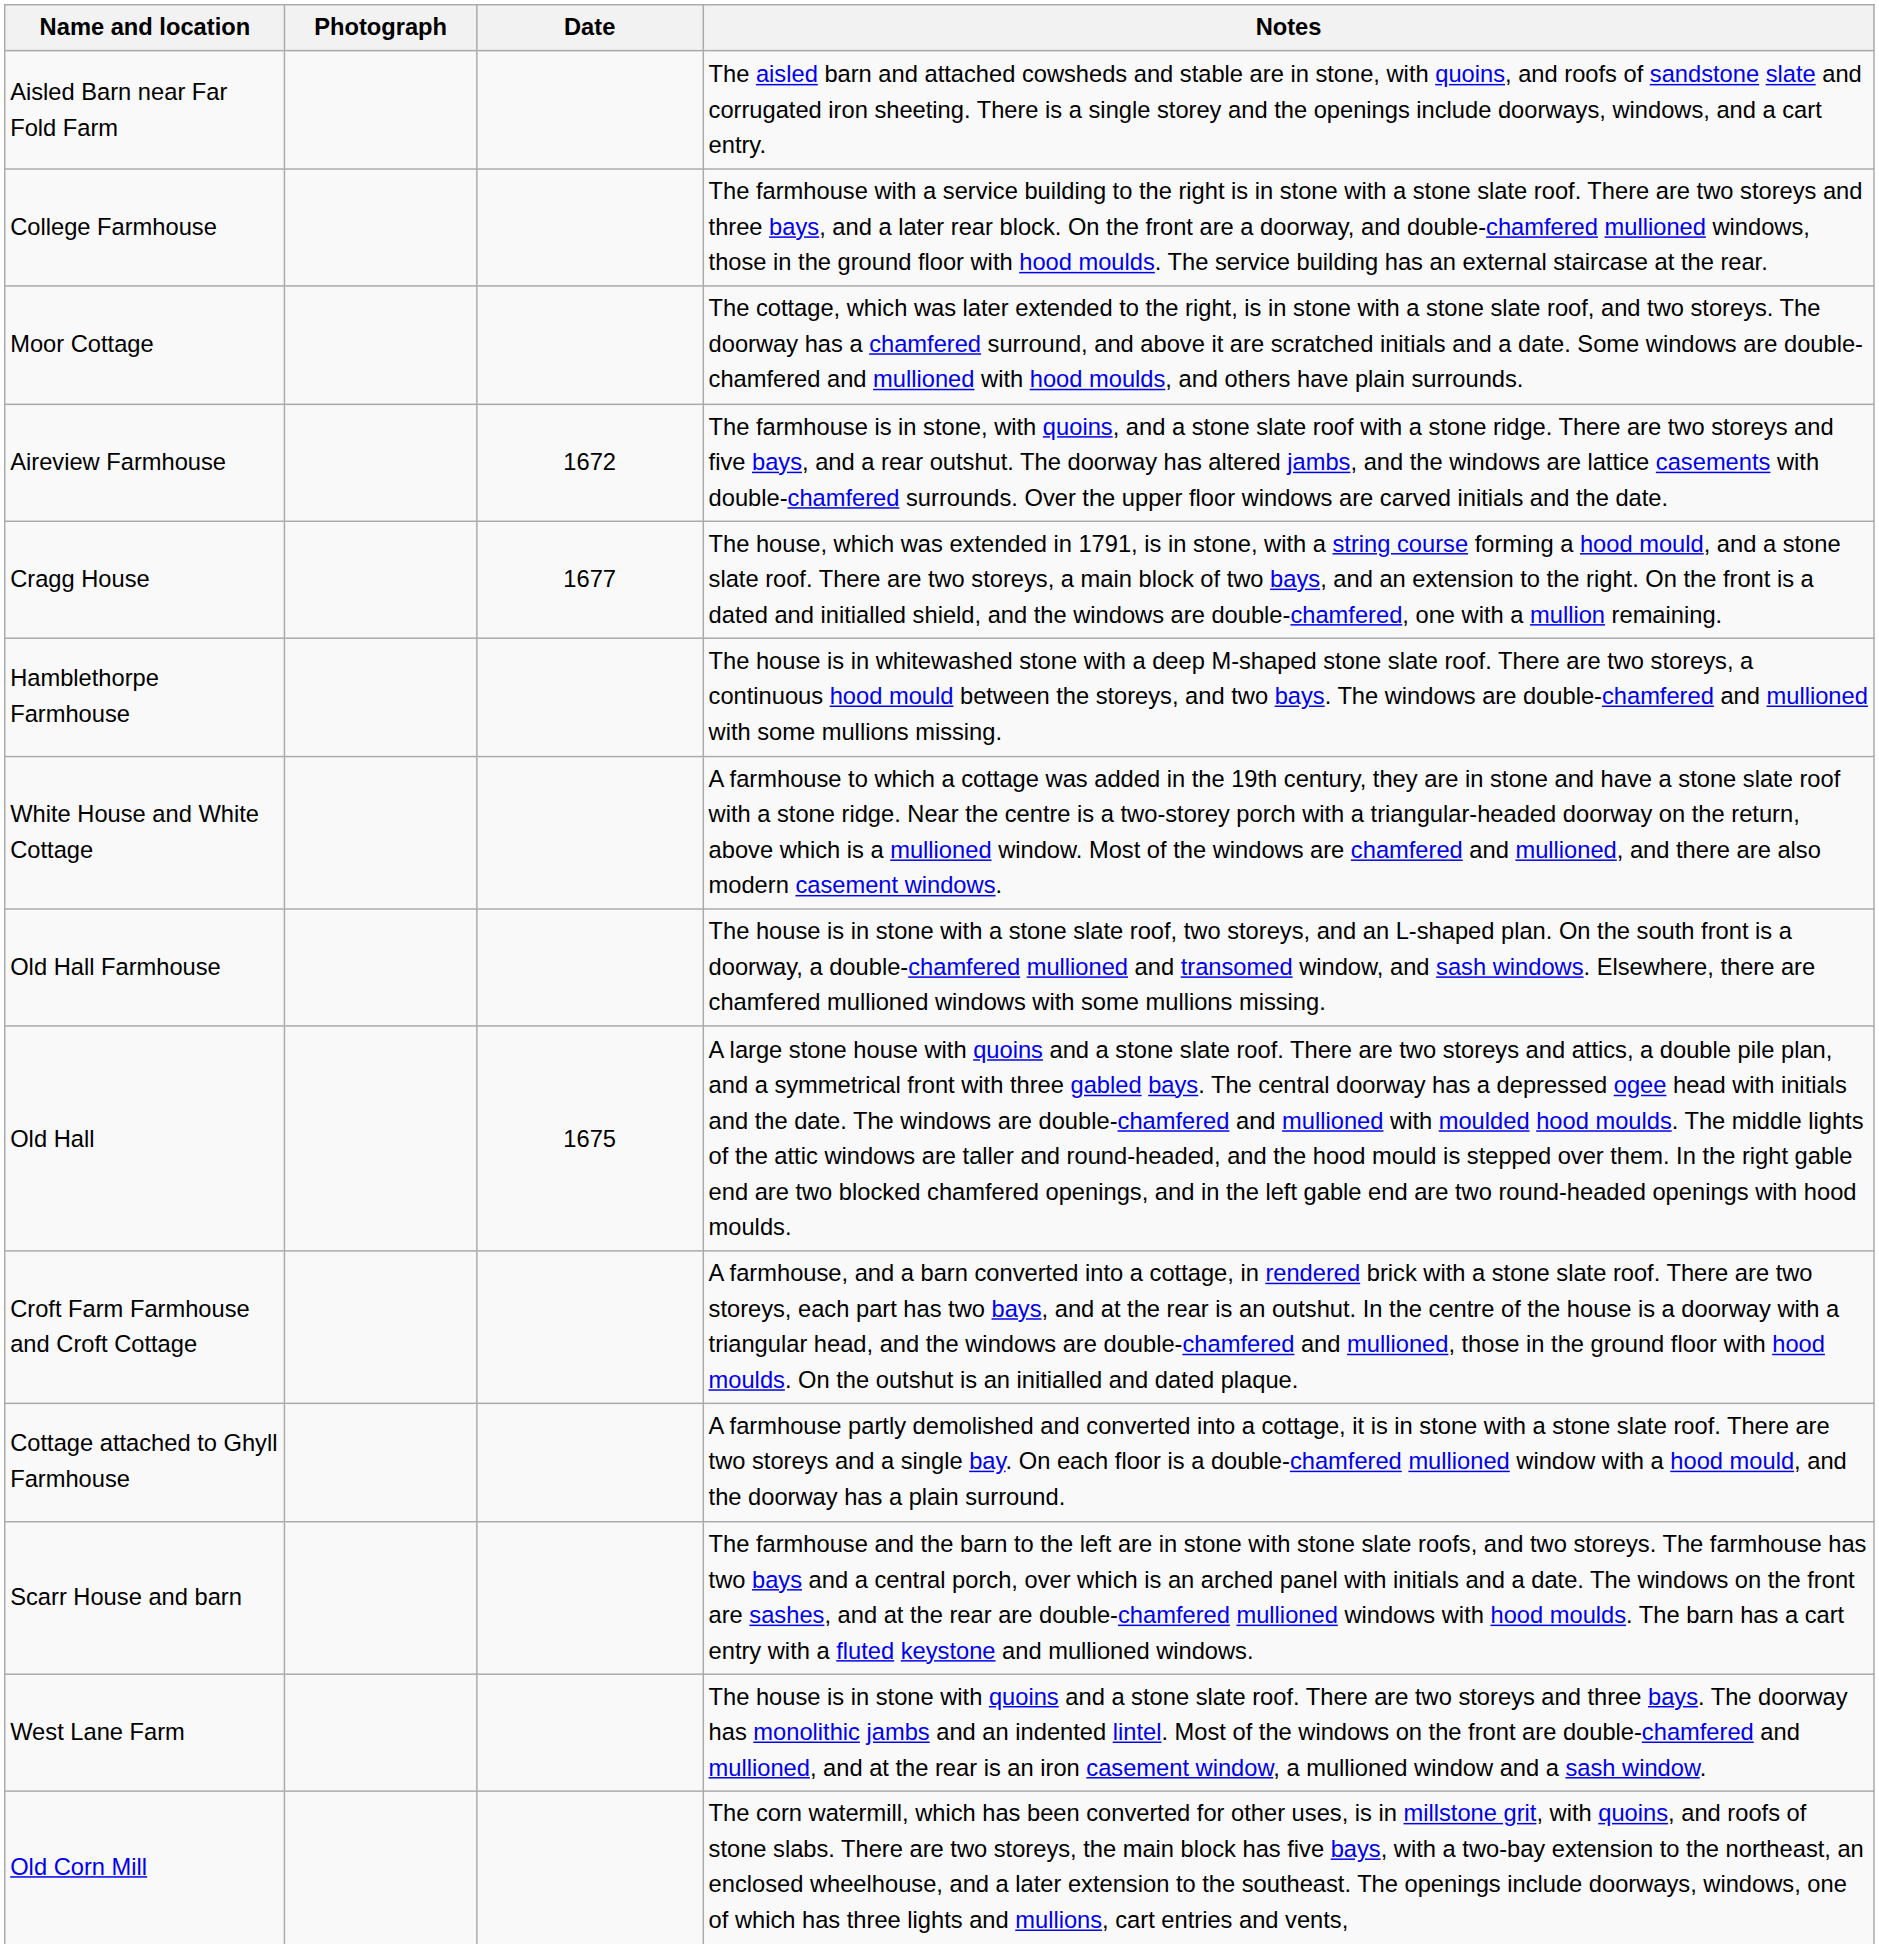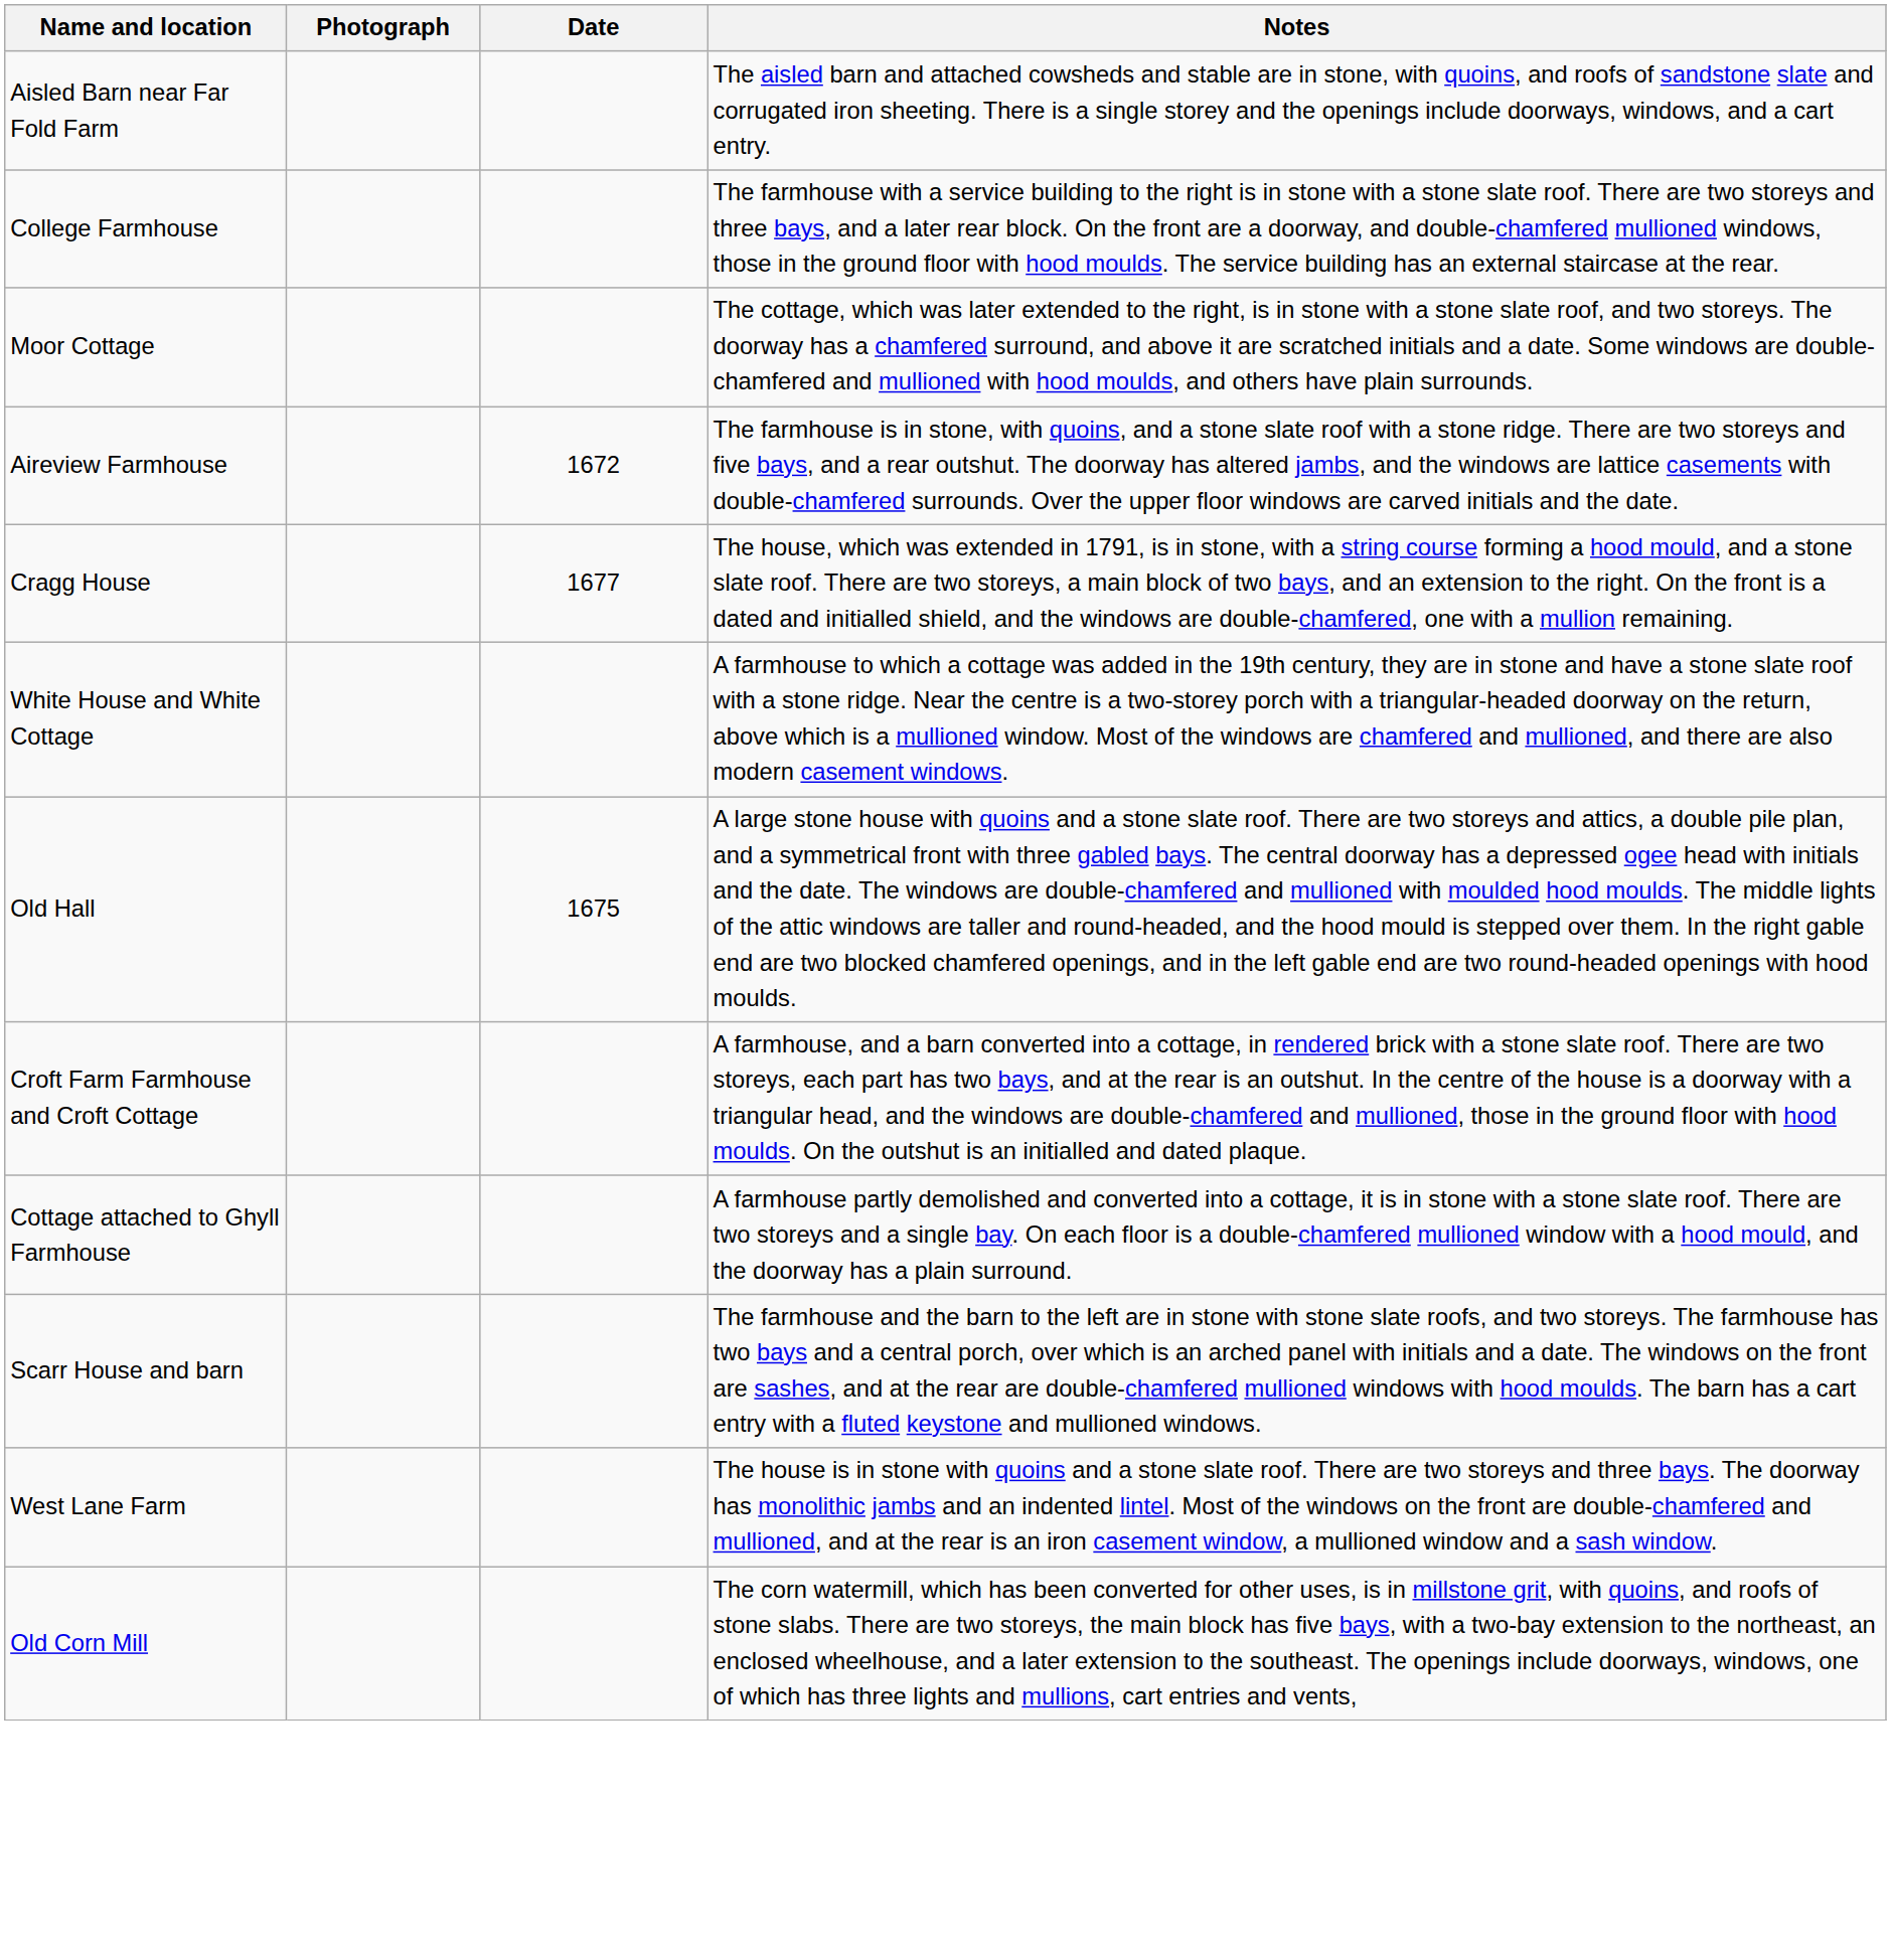 <table class="wikitable sortable plainrowheaders" style="width:100%;border:0px;text-align:left;line-height:150%;">
 <tr>
 <th scope="col" style="width:150px">Name and location</th>
 <th scope="col" style="width:100px" class="unsortable">Photograph</th>
 <th scope="col" style="width:120px">Date</th>
 <th scope="col" style="width:650px" class="unsortable">Notes</th>
 </tr>
 <tr>
 <td>Aisled Barn near Far Fold Farm<br><small></small></td>
 <td></td>
 <td align="center"></td>
 <td>The <a href='#'>aisled</a> barn and attached cowsheds and stable are in stone, with <a href='#'>quoins</a>, and roofs of <a href='#'>sandstone</a> <a href='#'>slate</a> and corrugated iron sheeting. There is a single storey and the openings include doorways, windows, and a cart entry.</td>
 </tr>
 <tr>
 <td>College Farmhouse<br><small></small></td>
 <td></td>
 <td align="center"></td>
 <td>The farmhouse with a service building to the right is in stone with a stone slate roof. There are two storeys and three <a href='#'>bays</a>, and a later rear block. On the front are a doorway, and double-<a href='#'>chamfered</a> <a href='#'>mullioned</a> windows, those in the ground floor with <a href='#'>hood moulds</a>. The service building has an external staircase at the rear.</td>
 </tr>
 <tr>
 <td>Moor Cottage<br><small></small></td>
 <td></td>
 <td align="center"></td>
 <td>The cottage, which was later extended to the right, is in stone with a stone slate roof, and two storeys. The doorway has a <a href='#'>chamfered</a> surround, and above it are scratched initials and a date. Some windows are double-chamfered and <a href='#'>mullioned</a> with <a href='#'>hood moulds</a>, and others have plain surrounds.</td>
 </tr>
 <tr>
 <td>Aireview Farmhouse<br><small></small></td>
 <td></td>
 <td align="center">1672</td>
 <td>The farmhouse is in stone, with <a href='#'>quoins</a>, and a stone slate roof with a stone ridge. There are two storeys and five <a href='#'>bays</a>, and a rear outshut. The doorway has altered <a href='#'>jambs</a>, and the windows are lattice <a href='#'>casements</a> with double-<a href='#'>chamfered</a> surrounds. Over the upper floor windows are carved initials and the date.</td>
 </tr>
 <tr>
 <td>Cragg House<br><small></small></td>
 <td></td>
 <td align="center">1677</td>
 <td>The house, which was extended in 1791, is in stone, with a <a href='#'>string course</a> forming a <a href='#'>hood mould</a>, and a stone slate roof. There are two storeys, a main block of two <a href='#'>bays</a>, and an extension to the right. On the front is a dated and initialled shield, and the windows are double-<a href='#'>chamfered</a>, one with a <a href='#'>mullion</a> remaining.</td>
 </tr>
 <tr>
-<td>Hamblethorpe Farmhouse<br><small></small></td>
-<td></td>
-<td align="center"></td>
-<td>The house is in whitewashed stone with a deep M-shaped stone slate roof. There are two storeys, a continuous <a href='#'>hood mould</a> between the storeys, and two <a href='#'>bays</a>. The windows are double-<a href='#'>chamfered</a> and <a href='#'>mullioned</a> with some mullions missing.</td>
-</tr>
-<tr>
 <td>White House and White Cottage<br><small></small></td>
 <td></td>
 <td align="center"></td>
 <td>A farmhouse to which a cottage was added in the 19th century, they are in stone and have a stone slate roof with a stone ridge. Near the centre is a two-storey porch with a triangular-headed doorway on the return, above which is a <a href='#'>mullioned</a> window. Most of the windows are <a href='#'>chamfered</a> and <a href='#'>mullioned</a>, and there are also modern <a href='#'>casement windows</a>.</td>
-</tr>
-<tr>
-<td>Old Hall Farmhouse<br><small></small></td>
-<td></td>
-<td align="center"></td>
-<td>The house is in stone with a stone slate roof, two storeys, and an L-shaped plan. On the south front is a doorway, a double-<a href='#'>chamfered</a> <a href='#'>mullioned</a> and <a href='#'>transomed</a> window, and <a href='#'>sash windows</a>. Elsewhere, there are chamfered mullioned windows with some mullions missing.</td>
 </tr>
 <tr>
 <td>Old Hall<br><small></small></td>
 <td></td>
 <td align="center">1675</td>
 <td>A large stone house with <a href='#'>quoins</a> and a stone slate roof. There are two storeys and attics, a double pile plan, and a symmetrical front with three <a href='#'>gabled</a> <a href='#'>bays</a>. The central doorway has a depressed <a href='#'>ogee</a> head with initials and the date. The windows are double-<a href='#'>chamfered</a> and <a href='#'>mullioned</a> with <a href='#'>moulded</a> <a href='#'>hood moulds</a>. The middle lights of the attic windows are taller and round-headed, and the hood mould is stepped over them. In the right gable end are two blocked chamfered openings, and in the left gable end are two round-headed openings with hood moulds.</td>
 </tr>
 <tr>
 <td>Croft Farm Farmhouse and Croft Cottage<br><small></small></td>
 <td></td>
 <td align="center"></td>
 <td>A farmhouse, and a barn converted into a cottage, in <a href='#'>rendered</a> brick with a stone slate roof. There are two storeys, each part has two <a href='#'>bays</a>, and at the rear is an outshut. In the centre of the house is a doorway with a triangular head, and the windows are double-<a href='#'>chamfered</a> and <a href='#'>mullioned</a>, those in the ground floor with <a href='#'>hood moulds</a>. On the outshut is an initialled and dated plaque.</td>
 </tr>
 <tr>
 <td>Cottage attached to Ghyll Farmhouse<br><small></small></td>
 <td></td>
 <td align="center"></td>
 <td>A farmhouse partly demolished and converted into a cottage, it is in stone with a stone slate roof. There are two storeys and a single <a href='#'>bay</a>. On each floor is a double-<a href='#'>chamfered</a> <a href='#'>mullioned</a> window with a <a href='#'>hood mould</a>, and the doorway has a plain surround.</td>
 </tr>
 <tr>
 <td>Scarr House and barn<br><small></small></td>
 <td></td>
 <td align="center"></td>
 <td>The farmhouse and the barn to the left are in stone with stone slate roofs, and two storeys. The farmhouse has two <a href='#'>bays</a> and a central porch, over which is an arched panel with initials and a date. The windows on the front are <a href='#'>sashes</a>, and at the rear are double-<a href='#'>chamfered</a> <a href='#'>mullioned</a> windows with <a href='#'>hood moulds</a>. The barn has a cart entry with a <a href='#'>fluted</a> <a href='#'>keystone</a> and mullioned windows.</td>
 </tr>
 <tr>
 <td>West Lane Farm<br><small></small></td>
 <td></td>
 <td align="center"></td>
 <td>The house is in stone with <a href='#'>quoins</a> and a stone slate roof. There are two storeys and three <a href='#'>bays</a>. The doorway has <a href='#'>monolithic</a> <a href='#'>jambs</a> and an indented <a href='#'> lintel</a>. Most of the windows on the front are double-<a href='#'>chamfered</a> and <a href='#'>mullioned</a>, and at the rear is an iron <a href='#'>casement window</a>, a mullioned window and a <a href='#'>sash window</a>.</td>
 </tr>
 <tr>
 <td><a href='#'>Old Corn Mill</a><br><small></small></td>
 <td></td>
 <td align="center"></td>
 <td>The corn watermill, which has been converted for other uses, is in <a href='#'>millstone grit</a>, with <a href='#'>quoins</a>, and roofs of stone slabs. There are two storeys, the main block has five <a href='#'>bays</a>, with a two-bay extension to the northeast, an enclosed wheelhouse, and a later extension to the southeast. The openings include doorways, windows, one of which has three lights and <a href='#'>mullions</a>, cart entries and vents, </td>
 </tr>
 <tr>
 </tr>
 </table>
